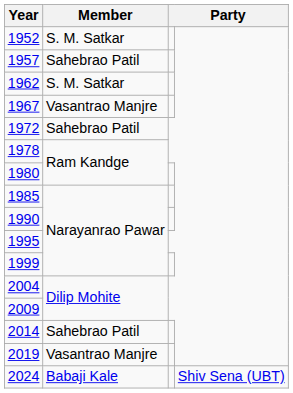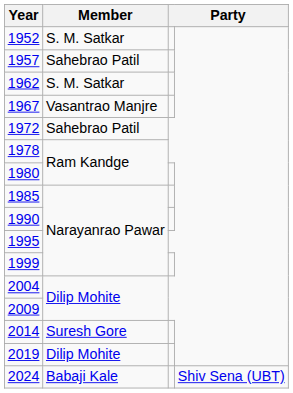 <table class="wikitable">
 <tr>
 <th>Year</th>
 <th>Member</th>
 <th colspan="2">Party</th>
 </tr>
 <tr>
 <td><a href='#'>1952</a></td>
 <td>S. M. Satkar</td>
 <td></td>
 </tr>
 <tr>
 <td><a href='#'>1957</a></td>
 <td>Sahebrao Patil</td>
 <td></td>
 </tr>
 <tr>
 <td><a href='#'>1962</a></td>
 <td>S. M. Satkar</td>
 <td></td>
 </tr>
 <tr>
 <td><a href='#'>1967</a></td>
 <td>Vasantrao Manjre</td>
 <td></td>
 </tr>
 <tr>
 <td><a href='#'>1972</a></td>
 <td>Sahebrao Patil</td>
 </tr>
 <tr>
 <td><a href='#'>1978</a></td>
 <td rowspan="2">Ram Kandge</td>
 </tr>
 <tr>
 <td><a href='#'>1980</a></td>
 <td></td>
 </tr>
 <tr>
 <td><a href='#'>1985</a></td>
 <td rowspan="4">Narayanrao Pawar</td>
 <td></td>
 </tr>
 <tr>
 <td><a href='#'>1990</a></td>
 <td></td>
 </tr>
 <tr>
 <td><a href='#'>1995</a></td>
 </tr>
 <tr>
 <td><a href='#'>1999</a></td>
 <td></td>
 </tr>
 <tr>
 <td><a href='#'>2004</a></td>
 <td rowspan="2"><a href='#'>Dilip Mohite</a></td>
 </tr>
 <tr>
 <td><a href='#'>2009</a></td>
 </tr>
 <tr>
 <td><a href='#'>2014</a></td>
-<td>Sahebrao Patil</td>
+<td><a href='#'>Suresh Gore</a></td>
 <td></td>
 </tr>
 <tr>
 <td><a href='#'>2019</a></td>
-<td>Vasantrao Manjre</td>
+<td><a href='#'>Dilip Mohite</a></td>
 <td></td>
 </tr>
 <tr>
 <td><a href='#'>2024</a></td>
 <td><a href='#'>Babaji Kale</a></td>
 <td style="background-color: "></td>
 <td><a href='#'>Shiv Sena (UBT)</a></td>
 </tr>
 </table>
